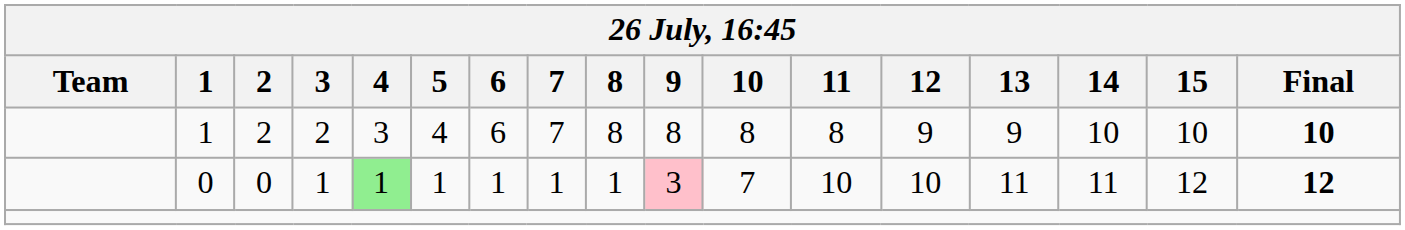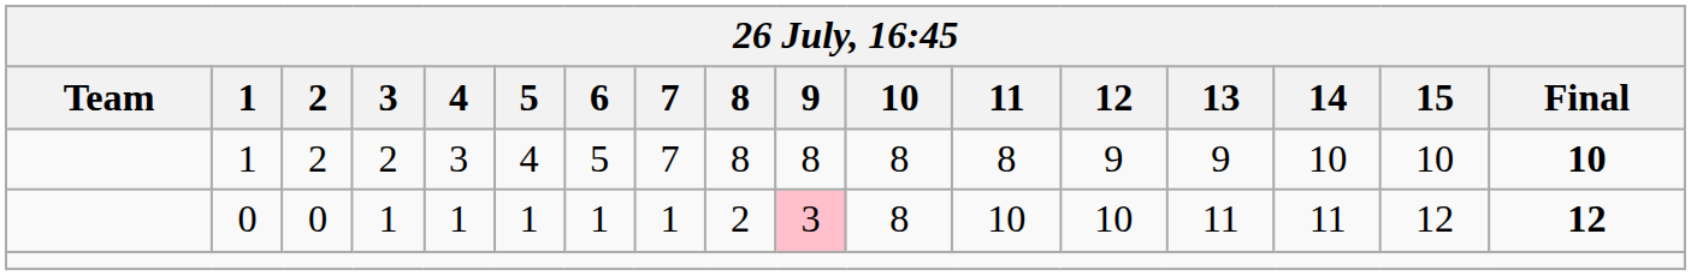 <table class=wikitable style="text-align:center; width: 55%">
 <tr>
 <th colspan=17><em>26 July, 16:45</em></th>
 </tr>
 <tr>
 <th>Team</th>
 <th>1</th>
 <th>2</th>
 <th>3</th>
 <th>4</th>
 <th>5</th>
 <th>6</th>
 <th>7</th>
 <th>8</th>
 <th>9</th>
 <th>10</th>
 <th>11</th>
 <th>12</th>
 <th>13</th>
 <th>14</th>
 <th>15</th>
 <th>Final</th>
 </tr>
 <tr>
 <td align=left></td>
 <td>1</td>
 <td>2</td>
 <td>2</td>
 <td>3</td>
 <td>4</td>
-<td>6</td>
+<td>5</td>
 <td>7</td>
 <td>8</td>
 <td>8</td>
 <td>8</td>
 <td>8</td>
 <td>9</td>
 <td>9</td>
 <td>10</td>
 <td>10</td>
 <td><strong>10</strong></td>
 </tr>
 <tr>
 <td align=left><strong></strong></td>
 <td>0</td>
 <td>0</td>
 <td>1</td>
-<td style="background: lightgreen;">1</td>
 <td>1</td>
 <td>1</td>
 <td>1</td>
 <td>1</td>
+<td>2</td>
 <td style="background: pink;">3</td>
-<td>7</td>
+<td>8</td>
 <td>10</td>
 <td>10</td>
 <td>11</td>
 <td>11</td>
 <td>12</td>
 <td><strong>12</strong></td>
 </tr>
 <tr>
 <td colspan=17></td>
 </tr>
 </table>
